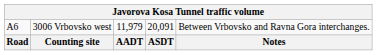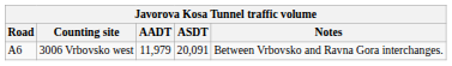 <table class="wikitable">
 <tr>
 <td colspan=5 bgcolor="#f2f2f2" align=center style=margin-top:15><strong>Javorova Kosa Tunnel traffic volume</strong></td>
+</tr>
+<tr>
+<td align=center bgcolor="#f2f2f2"><strong>Road</strong></td>
+<td align=center bgcolor="#f2f2f2"><strong>Counting site</strong></td>
+<td align=center bgcolor="#f2f2f2"><strong>AADT</strong></td>
+<td align=center bgcolor="#f2f2f2"><strong>ASDT</strong></td>
+<td align=center bgcolor="#f2f2f2"><strong>Notes</strong></td>
 </tr>
 <tr>
 <td> A6</td>
 <td>3006 Vrbovsko west</td>
 <td align=center>11,979</td>
 <td align=center>20,091</td>
 <td>Between Vrbovsko and Ravna Gora interchanges.</td>
 </tr>
-<tr>
-<td align=center bgcolor="#f2f2f2"><strong>Road</strong></td>
-<td align=center bgcolor="#f2f2f2"><strong>Counting site</strong></td>
-<td align=center bgcolor="#f2f2f2"><strong>AADT</strong></td>
-<td align=center bgcolor="#f2f2f2"><strong>ASDT</strong></td>
-<td align=center bgcolor="#f2f2f2"><strong>Notes</strong></td>
-</tr>
 </table>
